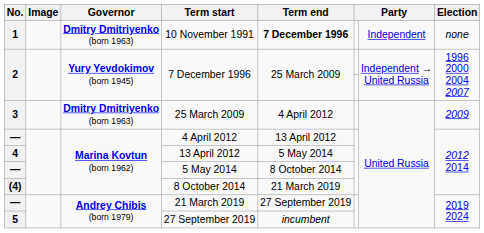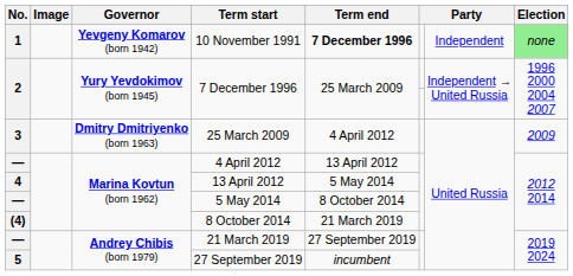 <table class="wikitable" style="text-align:center">
 <tr style="background:#cccccc" bgcolor=#E6E6AA>
 <th>No.</th>
 <th>Image</th>
 <th>Governor</th>
 <th>Term start</th>
 <th>Term end</th>
 <th colspan="2">Party</th>
 <th>Election</th>
 </tr>
 <tr>
 <th>1</th>
 <td></td>
-<td><strong><a href='#'>Dmitry Dmitriyenko</a></strong><br><small>(born 1963)</small></td>
+<td><strong><a href='#'>Yevgeny Komarov</a></strong><br><small>(born 1942)</small></td>
 <td>10 November 1991</td>
 <td><strong>7 December 1996</strong></td>
 <td style="background: "></td>
 <td><a href='#'>Independent</a></td>
-<td><em>none</em></td>
+<td style="background: lightgreen;"><em>none</em></td>
 </tr>
 <tr>
 <th rowspan=2>2</th>
 <td rowspan=2></td>
 <td rowspan=2><strong><a href='#'>Yury Yevdokimov</a></strong><br><small>(born 1945)</small></td>
 <td rowspan=2>7 December 1996</td>
 <td rowspan=2>25 March 2009</td>
 <td style="background: "></td>
 <td rowspan=2><a href='#'>Independent</a> →<br><a href='#'>United Russia</a></td>
 <td rowspan=2><a href='#'>1996</a><br><a href='#'>2000</a><br><a href='#'>2004</a><br><em><a href='#'>2007</a></em></td>
 </tr>
 <tr>
 <td style="background: "></td>
 </tr>
 <tr>
 <th>3</th>
 <td></td>
 <td><strong><a href='#'>Dmitry Dmitriyenko</a></strong><br><small>(born 1963)</small></td>
 <td>25 March 2009</td>
 <td>4 April 2012</td>
 <td style="background: "></td>
 <td rowspan=8><a href='#'>United Russia</a></td>
 <td><em><a href='#'>2009</a></em></td>
 </tr>
 <tr>
 <th>—</th>
 <td rowspan=4></td>
 <td rowspan=4><strong><a href='#'>Marina Kovtun</a></strong><br><small>(born 1962)</small></td>
 <td>4 April 2012</td>
 <td>13 April 2012</td>
 <td rowspan=4; style="background: "></td>
 <td rowspan=4><em><a href='#'>2012</a></em><br><a href='#'>2014</a></td>
 </tr>
 <tr>
 <th>4</th>
 <td>13 April 2012</td>
 <td>5 May 2014</td>
 </tr>
 <tr>
 <th>—</th>
 <td>5 May 2014</td>
 <td>8 October 2014</td>
 </tr>
 <tr>
 <th>(4)</th>
 <td>8 October 2014</td>
 <td>21 March 2019</td>
 </tr>
 <tr>
 <th>—</th>
 <td rowspan=2></td>
 <td rowspan=2><strong><a href='#'>Andrey Chibis</a></strong><br><small>(born 1979)</small></td>
 <td>21 March 2019</td>
 <td>27 September 2019</td>
 <td rowspan=2; style="background: "></td>
 <td rowspan=2><a href='#'>2019</a><br><a href='#'>2024</a></td>
 </tr>
 <tr>
 <th>5</th>
 <td>27 September 2019</td>
 <td><em>incumbent</em></td>
 </tr>
 </table>
